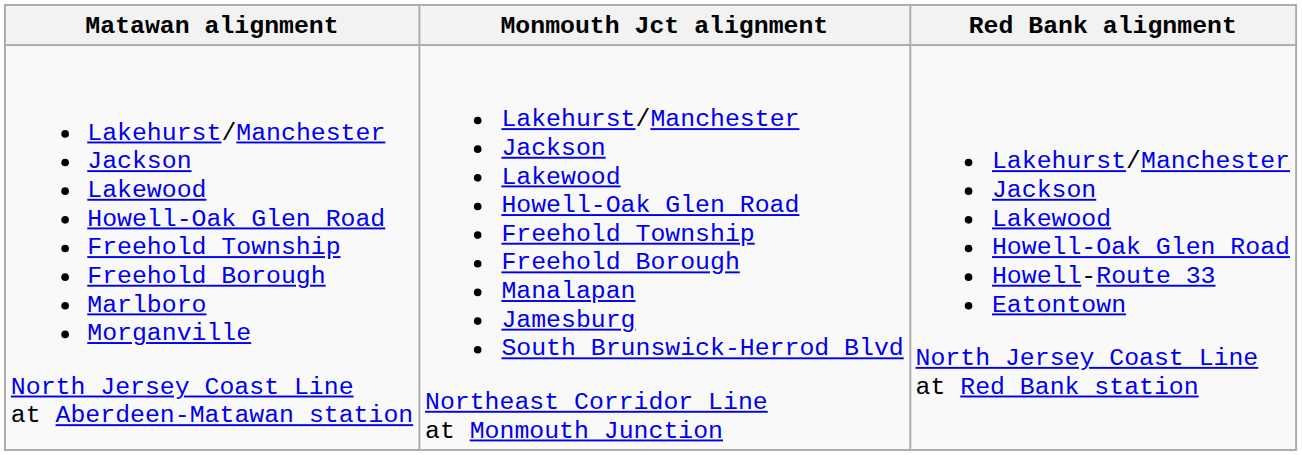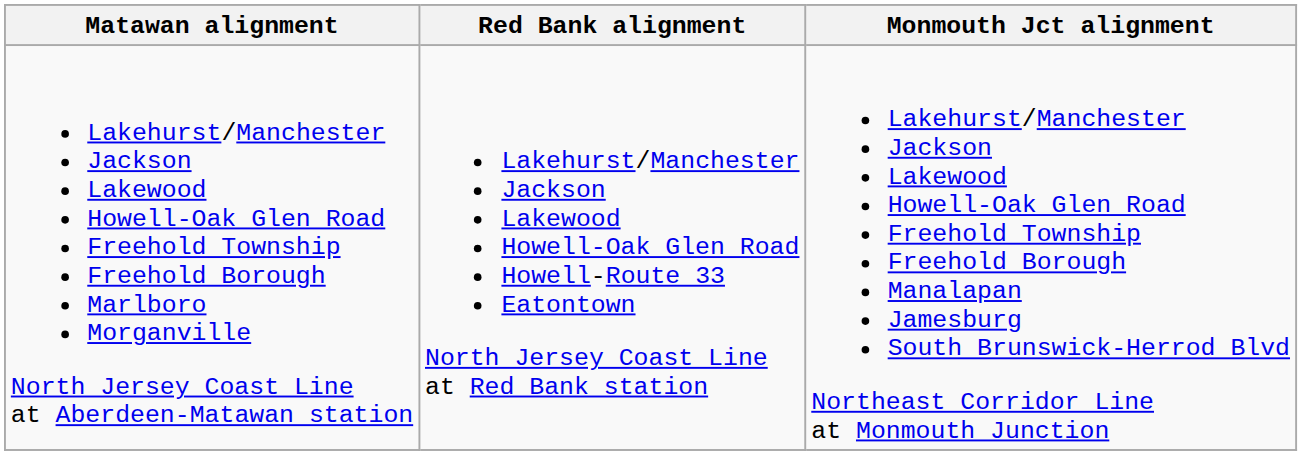 <table class=wikitable>
 <tr>
 <th>Matawan alignment</th>
+<th>Red Bank alignment</th>
 <th>Monmouth Jct alignment</th>
-<th>Red Bank alignment</th>
 </tr>
 <tr>
 <td><br><ul><li><a href='#'>Lakehurst</a>/<a href='#'>Manchester</a></li><li><a href='#'>Jackson</a></li><li><a href='#'>Lakewood</a></li><li><a href='#'>Howell-Oak Glen Road</a></li><li><a href='#'>Freehold Township</a></li><li><a href='#'>Freehold Borough</a></li><li><a href='#'>Marlboro</a></li><li><a href='#'>Morganville</a></li></ul><a href='#'>North Jersey Coast Line</a><br>at <a href='#'>Aberdeen-Matawan station</a></td>
+<td><br><ul><li><a href='#'>Lakehurst</a>/<a href='#'>Manchester</a></li><li><a href='#'>Jackson</a></li><li><a href='#'>Lakewood</a></li><li><a href='#'>Howell-Oak Glen Road</a></li><li><a href='#'>Howell</a>-<a href='#'>Route 33</a></li><li><a href='#'>Eatontown</a></li></ul><a href='#'>North Jersey Coast Line</a><br>at <a href='#'>Red Bank station</a></td>
 <td><br><ul><li><a href='#'>Lakehurst</a>/<a href='#'>Manchester</a></li><li><a href='#'>Jackson</a></li><li><a href='#'>Lakewood</a></li><li><a href='#'>Howell-Oak Glen Road</a></li><li><a href='#'>Freehold Township</a></li><li><a href='#'>Freehold Borough</a></li><li><a href='#'>Manalapan</a></li><li><a href='#'>Jamesburg</a></li><li><a href='#'>South Brunswick-Herrod Blvd</a></li></ul><a href='#'>Northeast Corridor Line</a><br>at <a href='#'>Monmouth Junction</a></td>
-<td><br><ul><li><a href='#'>Lakehurst</a>/<a href='#'>Manchester</a></li><li><a href='#'>Jackson</a></li><li><a href='#'>Lakewood</a></li><li><a href='#'>Howell-Oak Glen Road</a></li><li><a href='#'>Howell</a>-<a href='#'>Route 33</a></li><li><a href='#'>Eatontown</a></li></ul><a href='#'>North Jersey Coast Line</a><br>at <a href='#'>Red Bank station</a></td>
 </tr>
 </table>
